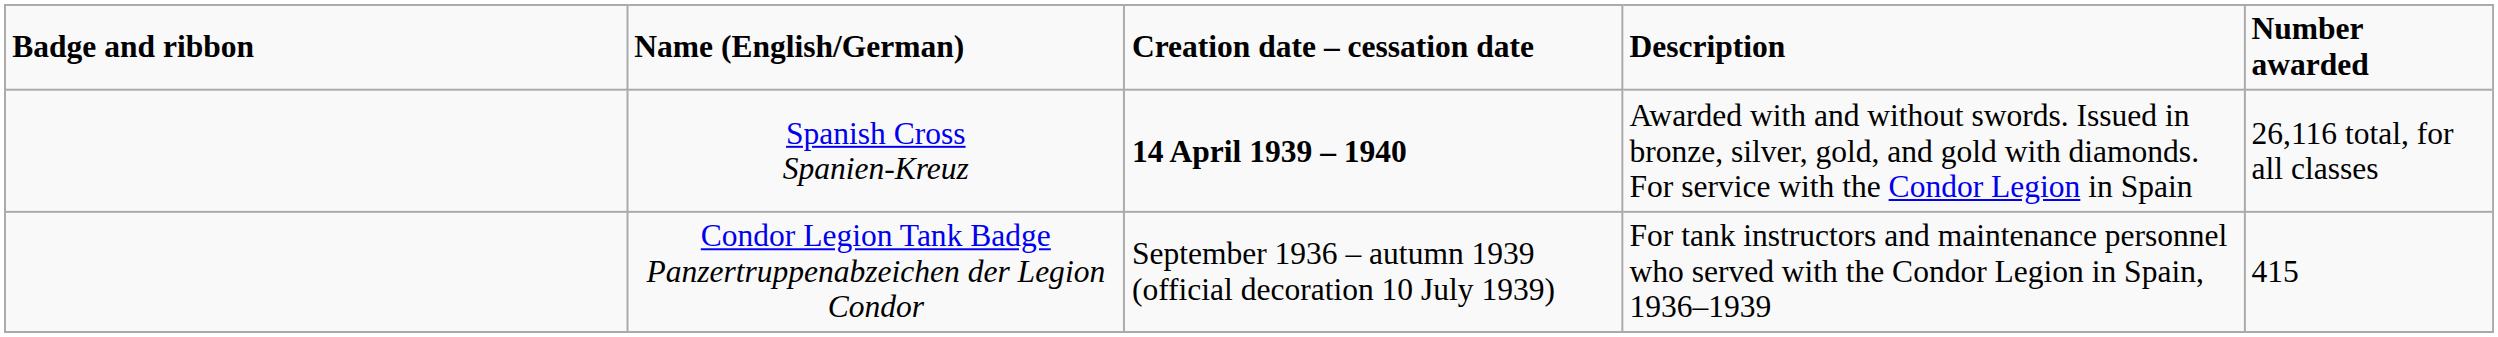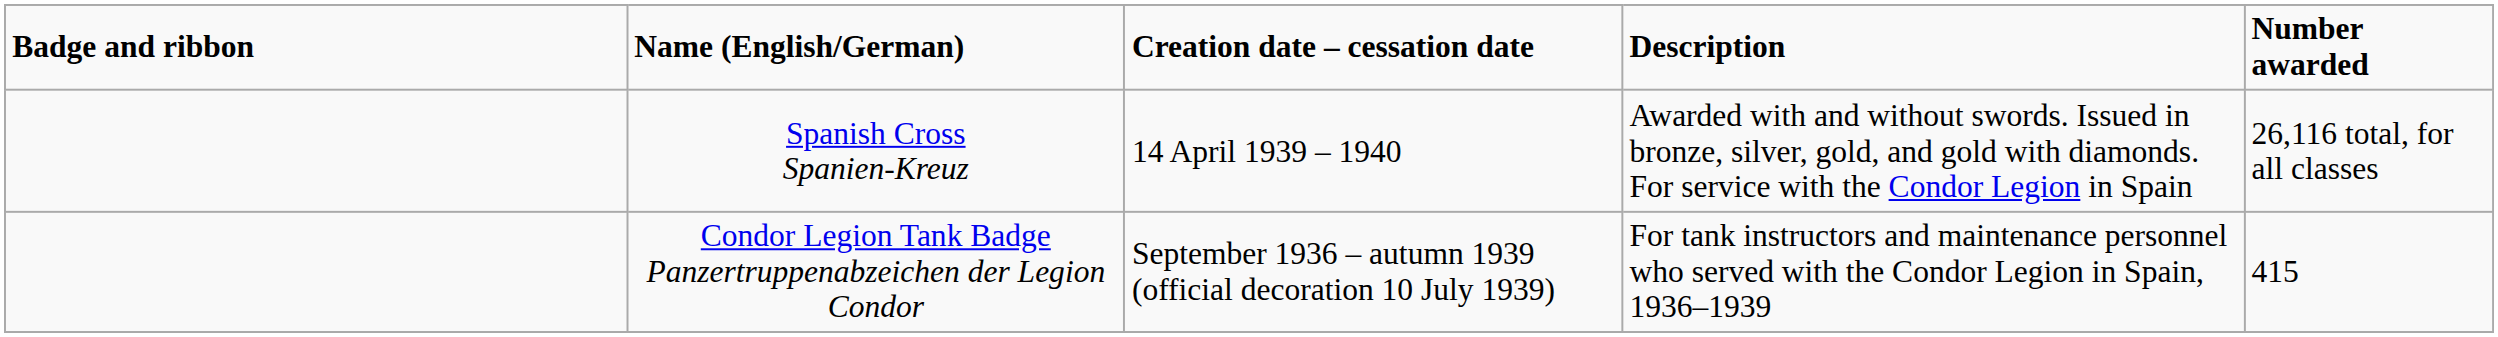 <table class="wikitable" width="100%">
 <tr>
 <td width="25%"><strong>Badge and ribbon</strong></td>
 <td width="20%"><strong>Name (English/German)</strong></td>
 <td width="20%"><strong>Creation date – cessation date</strong></td>
 <td width="25%"><strong>Description</strong></td>
 <td width="10%"><strong>Number awarded</strong></td>
 </tr>
 <tr>
 <td></td>
 <td style="text-align:center;"><a href='#'>Spanish Cross</a><br><em>Spanien-Kreuz</em></td>
-<td><strong>14 April 1939 – 1940</strong></td>
+<td>14 April 1939 – 1940</td>
 <td>Awarded with and without swords. Issued in bronze, silver, gold, and gold with diamonds. For service with the <a href='#'>Condor Legion</a> in Spain</td>
 <td>26,116 total, for all classes</td>
 </tr>
 <tr>
 <td></td>
 <td style="text-align:center;"><a href='#'>Condor Legion Tank Badge</a><br><em>Panzertruppenabzeichen der Legion Condor</em></td>
 <td>September 1936 – autumn 1939<br>(official decoration 10 July 1939)</td>
 <td>For tank instructors and maintenance personnel who served with the Condor Legion in Spain, 1936–1939</td>
 <td>415</td>
 </tr>
 <tr>
 </tr>
 </table>
